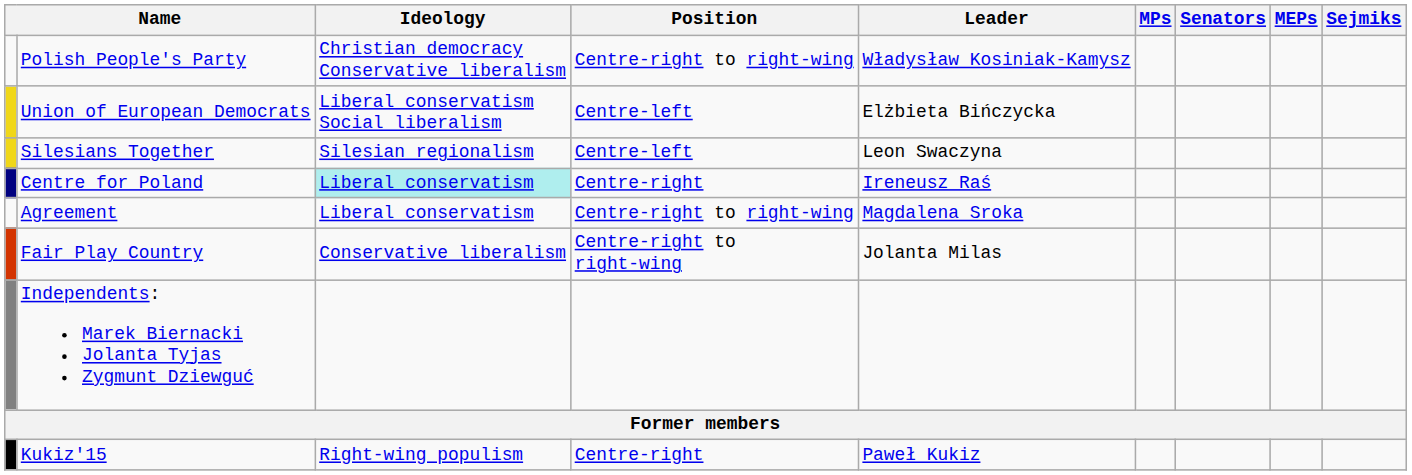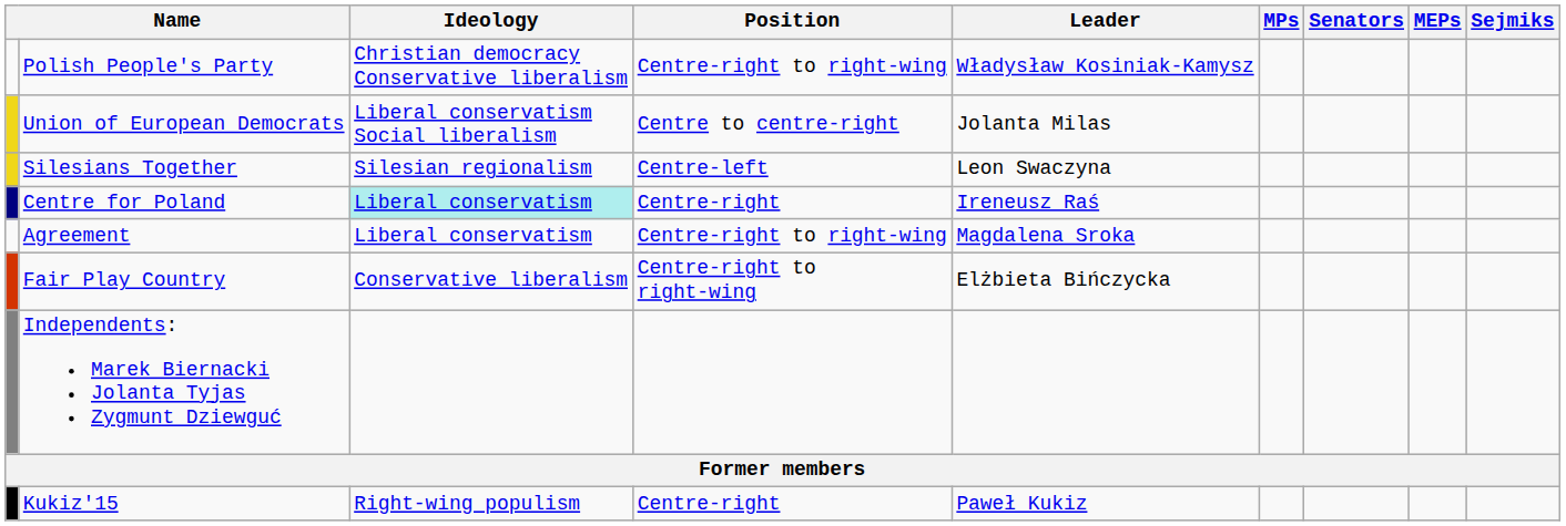 <table class="wikitable" style="font-size:90%;">
 <tr>
 <th colspan="2">Name</th>
 <th>Ideology</th>
 <th>Position</th>
 <th>Leader</th>
 <th><a href='#'>MPs</a></th>
 <th><a href='#'>Senators</a></th>
 <th><a href='#'>MEPs</a></th>
 <th><a href='#'>Sejmiks</a></th>
 </tr>
 <tr>
 <td style="width:2px;background:"></td>
 <td><a href='#'>Polish People's Party</a></td>
 <td><a href='#'>Christian democracy</a><br><a href='#'>Conservative liberalism</a></td>
 <td><a href='#'>Centre-right</a> to <a href='#'>right-wing</a></td>
 <td><a href='#'>Władysław Kosiniak-Kamysz</a></td>
 <td></td>
 <td></td>
 <td></td>
 <td></td>
 </tr>
 <tr>
 <td style="width:2px;background:#F0D719;"></td>
 <td><a href='#'>Union of European Democrats</a></td>
 <td><a href='#'>Liberal conservatism</a><br><a href='#'>Social liberalism</a></td>
-<td><a href='#'>Centre-left</a></td>
-<td>Elżbieta Bińczycka</td>
+<td><a href='#'>Centre</a> to <a href='#'>centre-right</a></td>
+<td>Jolanta Milas</td>
 <td></td>
 <td></td>
 <td></td>
 <td></td>
 </tr>
 <tr>
 <td style="width:2px;background:#F0D719;"></td>
 <td><a href='#'>Silesians Together</a></td>
 <td><a href='#'>Silesian regionalism</a></td>
 <td><a href='#'>Centre-left</a></td>
 <td>Leon Swaczyna</td>
 <td></td>
 <td></td>
 <td></td>
 <td></td>
 </tr>
 <tr>
 <td style="width:2px;background:#000080;"></td>
 <td><a href='#'>Centre for Poland</a></td>
 <td style="background: paleturquoise;"><a href='#'>Liberal conservatism</a></td>
 <td><a href='#'>Centre-right</a></td>
 <td><a href='#'>Ireneusz Raś</a></td>
 <td></td>
 <td></td>
 <td></td>
 <td></td>
 </tr>
 <tr>
 <td style="width:2px;background:"></td>
 <td><a href='#'>Agreement</a></td>
 <td><a href='#'>Liberal conservatism</a></td>
 <td><a href='#'>Centre-right</a> to <a href='#'>right-wing</a></td>
 <td><a href='#'>Magdalena Sroka</a></td>
 <td></td>
 <td></td>
 <td></td>
 <td></td>
 </tr>
 <tr>
 <td style="width:2px;background:#D33401;"></td>
 <td><a href='#'>Fair Play Country</a></td>
 <td><a href='#'>Conservative liberalism</a></td>
 <td><a href='#'>Centre-right</a> to<br><a href='#'>right-wing</a></td>
-<td>Jolanta Milas</td>
+<td>Elżbieta Bińczycka</td>
 <td></td>
 <td></td>
 <td></td>
 <td></td>
 </tr>
 <tr>
 <td style="width:2px;background:grey;"></td>
 <td><a href='#'>Independents</a>:<br><ul><li><a href='#'>Marek Biernacki</a></li><li><a href='#'>Jolanta Tyjas</a></li><li><a href='#'>Zygmunt Dziewguć</a></li></ul></td>
 <td></td>
 <td></td>
 <td></td>
 <td></td>
 <td></td>
 <td></td>
 <td></td>
 </tr>
 <tr>
 <th colspan="9">Former members</th>
 </tr>
 <tr>
 <td style="width:2px;background:black;"></td>
 <td><a href='#'>Kukiz'15</a></td>
 <td><a href='#'>Right-wing populism</a></td>
 <td><a href='#'>Centre-right</a></td>
 <td><a href='#'>Paweł Kukiz</a></td>
 <td></td>
 <td></td>
 <td></td>
 <td></td>
 </tr>
 </table>
